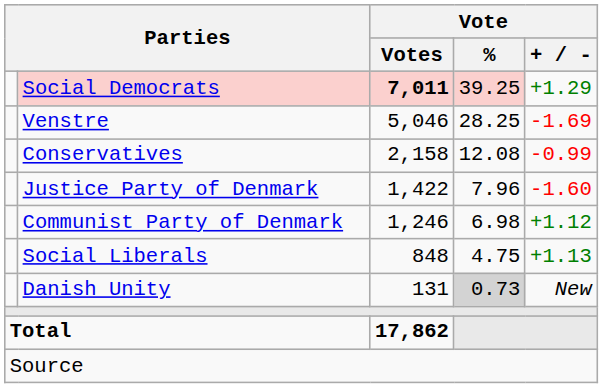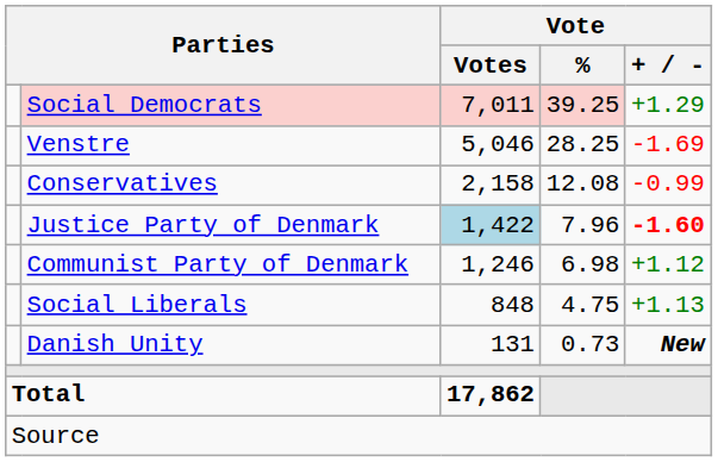 <table class="wikitable" style="text-align:right;">
 <tr>
 <th style="text-align:centre;" rowspan="2" colspan="2" width="225">Parties</th>
 <th colspan="3">Vote</th>
 </tr>
 <tr>
 <th width="15">Votes</th>
 <th width="15">%</th>
 <th width="15">+ / -</th>
 </tr>
 <tr>
 <td width="2" style="color:inherit;background:"></td>
 <td bgcolor=#fbd0ce  align="left"><a href='#'>Social Democrats</a></td>
-<td bgcolor=#fbd0ce><strong>7,011</strong></td>
+<td bgcolor=#fbd0ce>7,011</td>
 <td bgcolor=#fbd0ce>39.25</td>
 <td style=color:green;>+1.29</td>
 </tr>
 <tr>
 <td width="2" style="color:inherit;background:"></td>
 <td align="left"><a href='#'>Venstre</a></td>
 <td>5,046</td>
 <td>28.25</td>
 <td style=color:red;>-1.69</td>
 </tr>
 <tr>
 <td width="2" style="color:inherit;background:"></td>
 <td align="left"><a href='#'>Conservatives</a></td>
 <td>2,158</td>
 <td>12.08</td>
 <td style=color:red;>-0.99</td>
 </tr>
 <tr>
 <td width="2" style="color:inherit;background:"></td>
 <td align="left"><a href='#'>Justice Party of Denmark</a></td>
-<td>1,422</td>
+<td style="background: lightblue;">1,422</td>
 <td>7.96</td>
-<td style=color:red;>-1.60</td>
+<td style=color:red;><strong>-1.60</strong></td>
 </tr>
 <tr>
 <td width="2" style="color:inherit;background:"></td>
 <td align="left"><a href='#'>Communist Party of Denmark</a></td>
 <td>1,246</td>
 <td>6.98</td>
 <td style=color:green;>+1.12</td>
 </tr>
 <tr>
 <td width="2" style="color:inherit;background:"></td>
 <td align="left"><a href='#'>Social Liberals</a></td>
 <td>848</td>
 <td>4.75</td>
 <td style=color:green;>+1.13</td>
 </tr>
 <tr>
 <td width="2" style="color:inherit;background:"></td>
 <td align="left"><a href='#'>Danish Unity</a></td>
 <td>131</td>
-<td style="background: lightgrey;">0.73</td>
-<td><em>New</em></td>
+<td>0.73</td>
+<td><strong><em>New</em></strong></td>
 </tr>
 <tr>
 <td colspan="7" bgcolor="#E9E9E9"></td>
 </tr>
 <tr>
 <td align="left" colspan="2"><strong>Total</strong></td>
 <td><strong>17,862</strong></td>
 <td bgcolor="#E9E9E9" colspan="2"></td>
 </tr>
 <tr>
 <td align="left" colspan="6">Source</td>
 </tr>
 </table>
